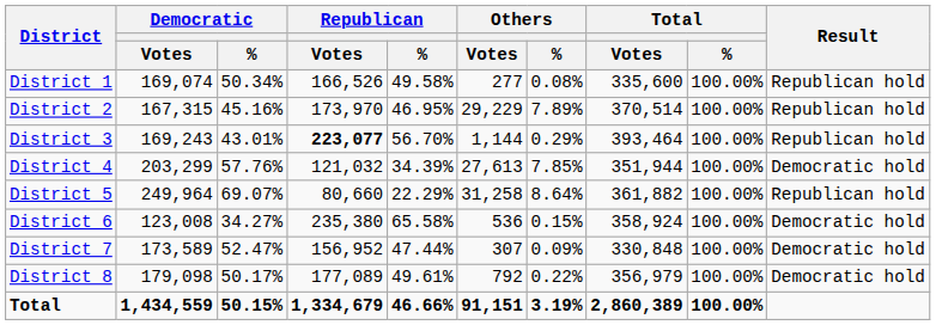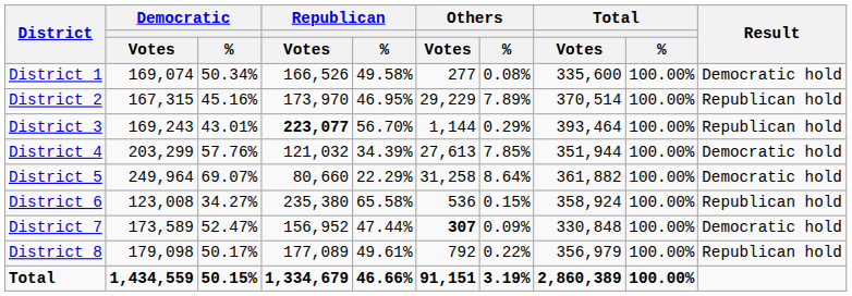 <table class="wikitable plainrowheaders sortable" style="font-size:100%; text-align:right;">
 <tr>
 <th scope=col rowspan=3><a href='#'>District</a></th>
 <th scope=col colspan=2><a href='#'>Democratic</a></th>
 <th scope=col colspan=2><a href='#'>Republican</a></th>
 <th scope=col colspan=2>Others</th>
 <th scope=col colspan=2>Total</th>
 <th scope=col rowspan=3>Result</th>
 </tr>
 <tr>
 <th scope=col colspan=2 style="background:"></th>
 <th scope=col colspan=2 style="background:"></th>
 <th scope=col colspan=2></th>
 <th scope=col colspan=2></th>
 </tr>
 <tr>
 <th scope=col data-sort-type="number">Votes</th>
 <th scope=col data-sort-type="number">%</th>
 <th scope=col data-sort-type="number">Votes</th>
 <th scope=col data-sort-type="number">%</th>
 <th scope=col data-sort-type="number">Votes</th>
 <th scope=col data-sort-type="number">%</th>
 <th scope=col data-sort-type="number">Votes</th>
 <th scope=col data-sort-type="number">%</th>
 </tr>
 <tr>
 <td align=left><a href='#'>District 1</a></td>
 <td>169,074</td>
 <td>50.34%</td>
 <td>166,526</td>
 <td>49.58%</td>
 <td>277</td>
 <td>0.08%</td>
 <td>335,600</td>
 <td>100.00%</td>
-<td align=left>Republican hold</td>
+<td align=left>Democratic hold</td>
 </tr>
 <tr>
 <td align=left><a href='#'>District 2</a></td>
 <td>167,315</td>
 <td>45.16%</td>
 <td>173,970</td>
 <td>46.95%</td>
 <td>29,229</td>
 <td>7.89%</td>
 <td>370,514</td>
 <td>100.00%</td>
 <td align=left>Republican hold</td>
 </tr>
 <tr>
 <td align=left><a href='#'>District 3</a></td>
 <td>169,243</td>
 <td>43.01%</td>
 <td><strong>223,077</strong></td>
 <td>56.70%</td>
 <td>1,144</td>
 <td>0.29%</td>
 <td>393,464</td>
 <td>100.00%</td>
 <td align=left>Republican hold</td>
 </tr>
 <tr>
 <td align=left><a href='#'>District 4</a></td>
 <td>203,299</td>
 <td>57.76%</td>
 <td>121,032</td>
 <td>34.39%</td>
 <td>27,613</td>
 <td>7.85%</td>
 <td>351,944</td>
 <td>100.00%</td>
 <td align=left>Democratic hold</td>
 </tr>
 <tr>
 <td align=left><a href='#'>District 5</a></td>
 <td>249,964</td>
 <td>69.07%</td>
 <td>80,660</td>
 <td>22.29%</td>
 <td>31,258</td>
 <td>8.64%</td>
 <td>361,882</td>
 <td>100.00%</td>
-<td align=left>Republican hold</td>
+<td align=left>Democratic hold</td>
 </tr>
 <tr>
 <td align=left><a href='#'>District 6</a></td>
 <td>123,008</td>
 <td>34.27%</td>
 <td>235,380</td>
 <td>65.58%</td>
 <td>536</td>
 <td>0.15%</td>
 <td>358,924</td>
 <td>100.00%</td>
-<td align=left>Democratic hold</td>
+<td align=left>Republican hold</td>
 </tr>
 <tr>
 <td align=left><a href='#'>District 7</a></td>
 <td>173,589</td>
 <td>52.47%</td>
 <td>156,952</td>
 <td>47.44%</td>
-<td>307</td>
+<td><strong>307</strong></td>
 <td>0.09%</td>
 <td>330,848</td>
 <td>100.00%</td>
 <td align=left>Democratic hold</td>
 </tr>
 <tr>
 <td align=left><a href='#'>District 8</a></td>
 <td>179,098</td>
 <td>50.17%</td>
 <td>177,089</td>
 <td>49.61%</td>
 <td>792</td>
 <td>0.22%</td>
 <td>356,979</td>
 <td>100.00%</td>
-<td align=left>Democratic hold</td>
+<td align=left>Republican hold</td>
 </tr>
 <tr class="sortbottom" style="font-weight:bold">
 <td align=left>Total</td>
 <td>1,434,559</td>
 <td>50.15%</td>
 <td>1,334,679</td>
 <td>46.66%</td>
 <td>91,151</td>
 <td>3.19%</td>
 <td>2,860,389</td>
 <td>100.00%</td>
 <td></td>
 </tr>
 </table>
